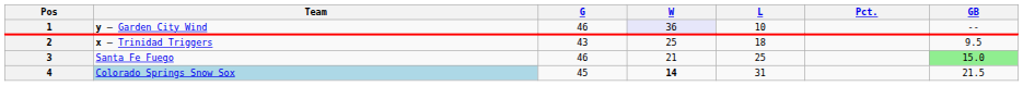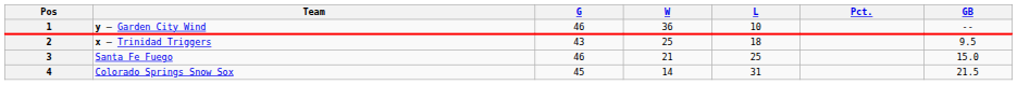 <table class="wikitable plainrowheaders" width="90%" style="text-align:center;">
 <tr>
 <th scope="col" width="5%">Pos</th>
 <th scope="col" width="25%">Team</th>
 <th scope="col" width="5%"><a href='#'>G</a></th>
 <th scope="col" width="5%"><a href='#'>W</a></th>
 <th scope="col" width="5%"><a href='#'>L</a></th>
 <th scope="col" width="7%"><a href='#'>Pct.</a></th>
 <th scope="col" width="5%"><a href='#'>GB</a></th>
 </tr>
 <tr>
 <th>1</th>
 <td style="text-align:left;"><strong>y</strong> – <a href='#'>Garden City Wind</a></td>
 <td>46</td>
-<td style="background: lavender;">36</td>
+<td>36</td>
 <td>10</td>
 <td></td>
 <td>--</td>
 </tr>
 <tr>
 </tr>
 <tr |- style="border-top:3px solid red;">
 <th>2</th>
 <td style="text-align:left;"><strong>x</strong> – <a href='#'>Trinidad Triggers</a></td>
 <td>43</td>
 <td>25</td>
 <td>18</td>
 <td></td>
 <td>9.5</td>
 </tr>
 <tr>
 <th>3</th>
 <td style="text-align:left;"><a href='#'>Santa Fe Fuego</a></td>
 <td>46</td>
 <td>21</td>
 <td>25</td>
 <td></td>
-<td style="background: lightgreen;">15.0</td>
+<td>15.0</td>
 </tr>
 <tr>
 <th>4</th>
-<td style="background: lightblue; text-align:left;"><a href='#'>Colorado Springs Snow Sox</a></td>
+<td style="text-align:left;"><a href='#'>Colorado Springs Snow Sox</a></td>
 <td>45</td>
-<td><strong>14</strong></td>
+<td>14</td>
 <td>31</td>
 <td></td>
 <td>21.5</td>
 </tr>
 </table>
